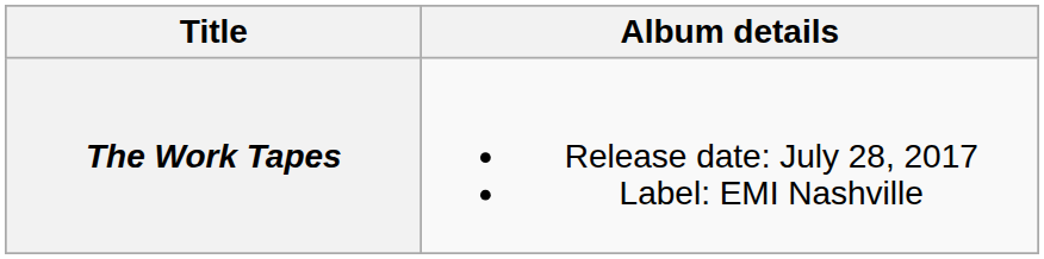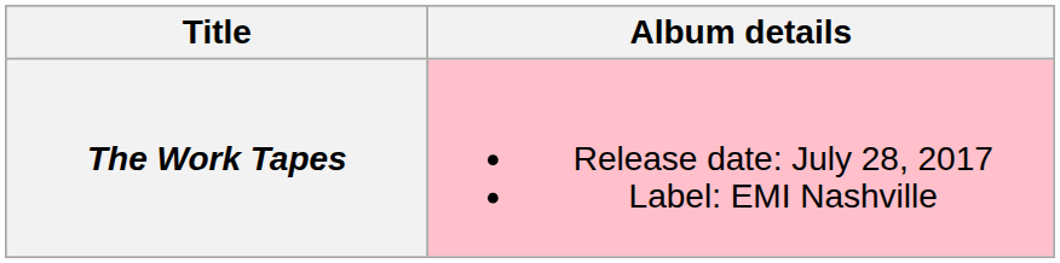 <table class="wikitable plainrowheaders" style="text-align:center;">
 <tr>
 <th style="width:12em;">Title</th>
 <th style="width:18em;">Album details</th>
 </tr>
 <tr>
 <th scope="row"><em>The Work Tapes</em></th>
-<td><br><ul><li>Release date: July 28, 2017</li><li>Label: EMI Nashville</li></ul></td>
+<td style="background: pink;"><br><ul><li>Release date: July 28, 2017</li><li>Label: EMI Nashville</li></ul></td>
 </tr>
 </table>
